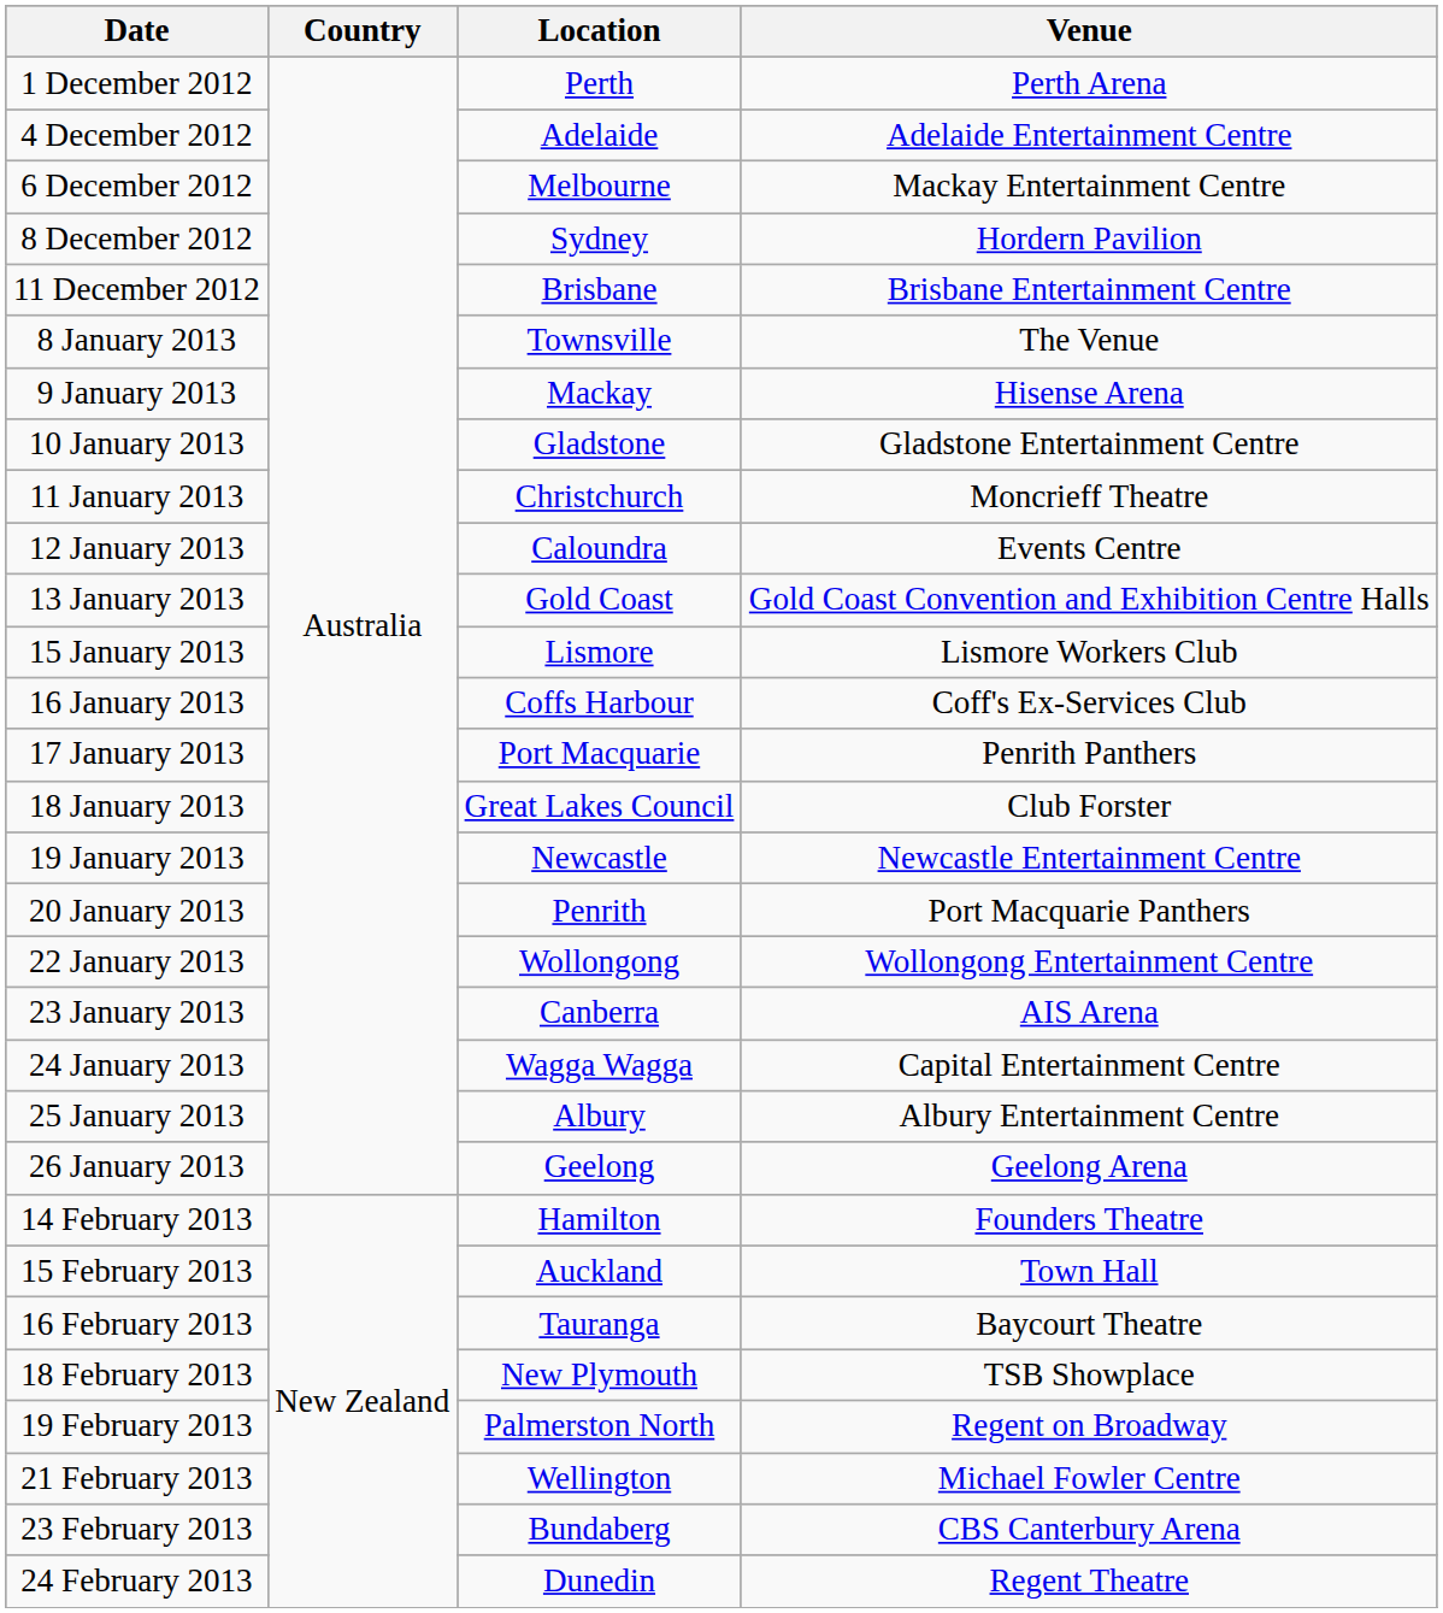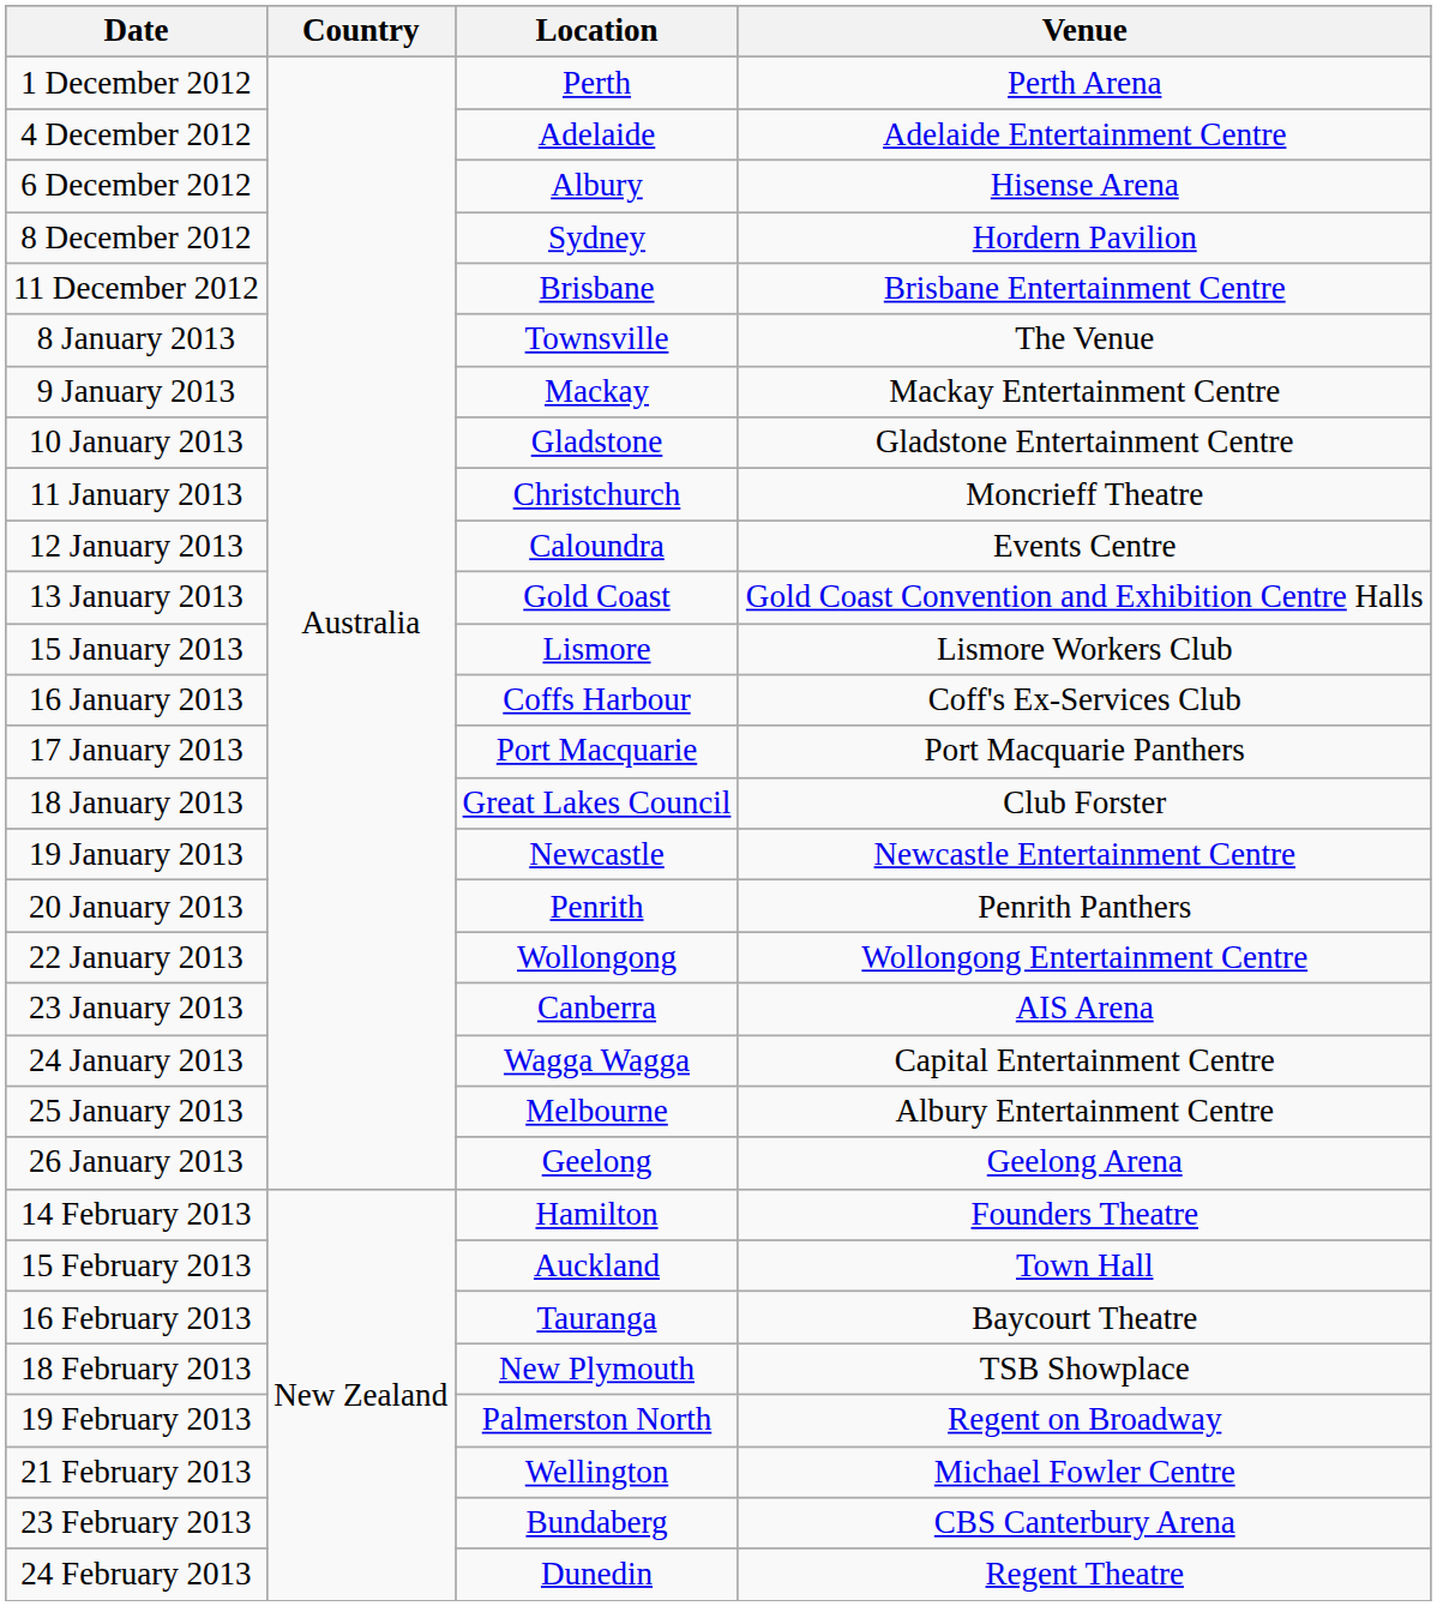 <table class="wikitable collapsible collapsed" style="text-align:center;">
 <tr bgcolor="#CCCCCC">
 <th>Date</th>
 <th>Country</th>
 <th>Location</th>
 <th>Venue</th>
 </tr>
 <tr>
 <td>1 December 2012</td>
 <td rowspan="22">Australia</td>
 <td><a href='#'>Perth</a></td>
 <td><a href='#'>Perth Arena</a></td>
 </tr>
 <tr>
 <td>4 December 2012</td>
 <td><a href='#'>Adelaide</a></td>
 <td><a href='#'>Adelaide Entertainment Centre</a></td>
 </tr>
 <tr>
 <td>6 December 2012</td>
-<td><a href='#'>Melbourne</a></td>
-<td>Mackay Entertainment Centre</td>
+<td><a href='#'>Albury</a></td>
+<td><a href='#'>Hisense Arena</a></td>
 </tr>
 <tr>
 <td>8 December 2012</td>
 <td><a href='#'>Sydney</a></td>
 <td><a href='#'>Hordern Pavilion</a></td>
 </tr>
 <tr>
 <td>11 December 2012</td>
 <td><a href='#'>Brisbane</a></td>
 <td><a href='#'>Brisbane Entertainment Centre</a></td>
 </tr>
 <tr>
 <td>8 January 2013</td>
 <td><a href='#'>Townsville</a></td>
 <td>The Venue</td>
 </tr>
 <tr>
 <td>9 January 2013</td>
 <td><a href='#'>Mackay</a></td>
-<td><a href='#'>Hisense Arena</a></td>
+<td>Mackay Entertainment Centre</td>
 </tr>
 <tr>
 <td>10 January 2013</td>
 <td><a href='#'>Gladstone</a></td>
 <td>Gladstone Entertainment Centre</td>
 </tr>
 <tr>
 <td>11 January 2013</td>
 <td><a href='#'>Christchurch</a></td>
 <td>Moncrieff Theatre</td>
 </tr>
 <tr>
 <td>12 January 2013</td>
 <td><a href='#'>Caloundra</a></td>
 <td>Events Centre</td>
 </tr>
 <tr>
 <td>13 January 2013</td>
 <td><a href='#'>Gold Coast</a></td>
 <td><a href='#'>Gold Coast Convention and Exhibition Centre</a> Halls</td>
 </tr>
 <tr>
 <td>15 January 2013</td>
 <td><a href='#'>Lismore</a></td>
 <td>Lismore Workers Club</td>
 </tr>
 <tr>
 <td>16 January 2013</td>
 <td><a href='#'>Coffs Harbour</a></td>
 <td>Coff's Ex-Services Club</td>
 </tr>
 <tr>
 <td>17 January 2013</td>
 <td><a href='#'>Port Macquarie</a></td>
-<td>Penrith Panthers</td>
+<td>Port Macquarie Panthers</td>
 </tr>
 <tr>
 <td>18 January 2013</td>
 <td><a href='#'>Great Lakes Council</a></td>
 <td>Club Forster</td>
 </tr>
 <tr>
 <td>19 January 2013</td>
 <td><a href='#'>Newcastle</a></td>
 <td><a href='#'>Newcastle Entertainment Centre</a></td>
 </tr>
 <tr>
 <td>20 January 2013</td>
 <td><a href='#'>Penrith</a></td>
-<td>Port Macquarie Panthers</td>
+<td>Penrith Panthers</td>
 </tr>
 <tr>
 <td>22 January 2013</td>
 <td><a href='#'>Wollongong</a></td>
 <td><a href='#'>Wollongong Entertainment Centre</a></td>
 </tr>
 <tr>
 <td>23 January 2013</td>
 <td><a href='#'>Canberra</a></td>
 <td><a href='#'>AIS Arena</a></td>
 </tr>
 <tr>
 <td>24 January 2013</td>
 <td><a href='#'>Wagga Wagga</a></td>
 <td>Capital Entertainment Centre</td>
 </tr>
 <tr>
 <td>25 January 2013</td>
-<td><a href='#'>Albury</a></td>
+<td><a href='#'>Melbourne</a></td>
 <td>Albury Entertainment Centre</td>
 </tr>
 <tr>
 <td>26 January 2013</td>
 <td><a href='#'>Geelong</a></td>
 <td><a href='#'>Geelong Arena</a></td>
 </tr>
 <tr>
 <td>14 February 2013</td>
 <td rowspan="8">New Zealand</td>
 <td><a href='#'>Hamilton</a></td>
 <td><a href='#'>Founders Theatre</a></td>
 </tr>
 <tr>
 <td>15 February 2013</td>
 <td><a href='#'>Auckland</a></td>
 <td><a href='#'>Town Hall</a></td>
 </tr>
 <tr>
 <td>16 February 2013</td>
 <td><a href='#'>Tauranga</a></td>
 <td>Baycourt Theatre</td>
 </tr>
 <tr>
 <td>18 February 2013</td>
 <td><a href='#'>New Plymouth</a></td>
 <td>TSB Showplace</td>
 </tr>
 <tr>
 <td>19 February 2013</td>
 <td><a href='#'>Palmerston North</a></td>
 <td><a href='#'>Regent on Broadway</a></td>
 </tr>
 <tr>
 <td>21 February 2013</td>
 <td><a href='#'>Wellington</a></td>
 <td><a href='#'>Michael Fowler Centre</a></td>
 </tr>
 <tr>
 <td>23 February 2013</td>
 <td><a href='#'>Bundaberg</a></td>
 <td><a href='#'>CBS Canterbury Arena</a></td>
 </tr>
 <tr>
 <td>24 February 2013</td>
 <td><a href='#'>Dunedin</a></td>
 <td><a href='#'>Regent Theatre</a></td>
 </tr>
 <tr>
 </tr>
 </table>
